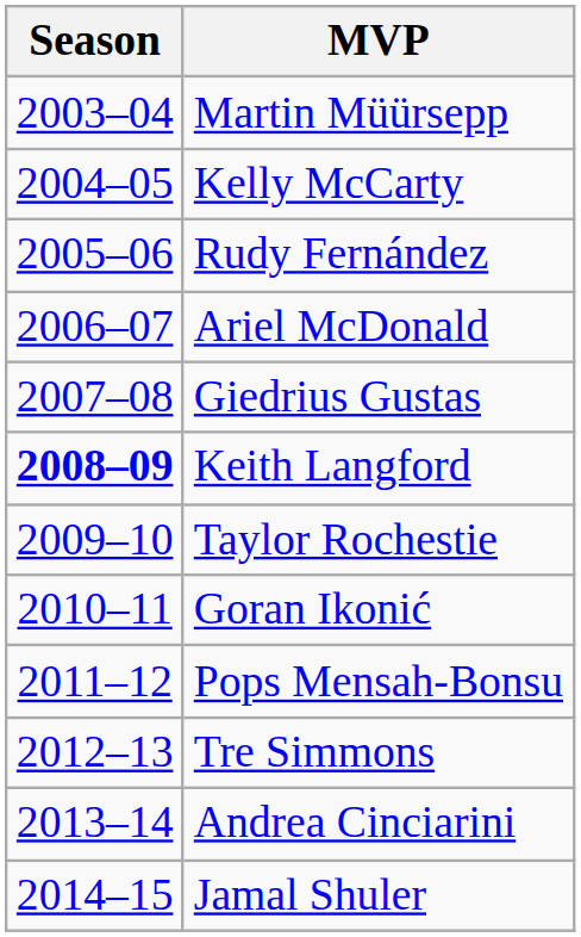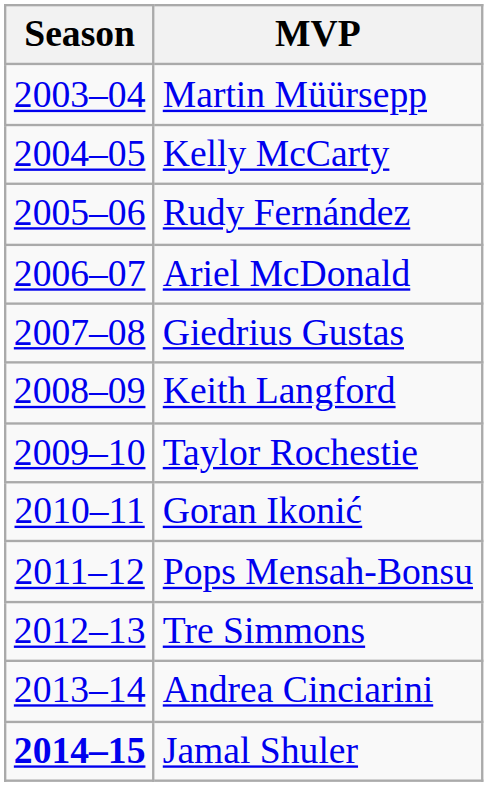 <table class="wikitable sortable">
 <tr>
 <th>Season</th>
 <th>MVP</th>
 </tr>
 <tr>
 <td style="text-align: center;"><a href='#'>2003–04</a></td>
 <td> <a href='#'>Martin Müürsepp</a></td>
 </tr>
 <tr>
 <td style="text-align: center;"><a href='#'>2004–05</a></td>
 <td> <a href='#'>Kelly McCarty</a></td>
 </tr>
 <tr>
 <td style="text-align: center;"><a href='#'>2005–06</a></td>
 <td> <a href='#'>Rudy Fernández</a></td>
 </tr>
 <tr>
 <td style="text-align: center;"><a href='#'>2006–07</a></td>
 <td> <a href='#'>Ariel McDonald</a></td>
 </tr>
 <tr>
 <td style="text-align: center;"><a href='#'>2007–08</a></td>
 <td> <a href='#'>Giedrius Gustas</a></td>
 </tr>
 <tr>
-<td style="text-align: center;"><strong><a href='#'>2008–09</a></strong></td>
+<td style="text-align: center;"><a href='#'>2008–09</a></td>
 <td> <a href='#'>Keith Langford</a></td>
 </tr>
 <tr>
 <td style="text-align: center;"><a href='#'>2009–10</a></td>
 <td> <a href='#'>Taylor Rochestie</a></td>
 </tr>
 <tr>
 <td style="text-align: center;"><a href='#'>2010–11</a></td>
 <td> <a href='#'>Goran Ikonić</a></td>
 </tr>
 <tr>
 <td style="text-align: center;"><a href='#'>2011–12</a></td>
 <td> <a href='#'>Pops Mensah-Bonsu</a></td>
 </tr>
 <tr>
 <td style="text-align: center;"><a href='#'>2012–13</a></td>
 <td> <a href='#'>Tre Simmons</a></td>
 </tr>
 <tr>
 <td style="text-align: center;"><a href='#'>2013–14</a></td>
 <td> <a href='#'>Andrea Cinciarini</a></td>
 </tr>
 <tr>
-<td style="text-align: center;"><a href='#'>2014–15</a></td>
+<td style="text-align: center;"><strong><a href='#'>2014–15</a></strong></td>
 <td> <a href='#'>Jamal Shuler</a></td>
 </tr>
 </table>
